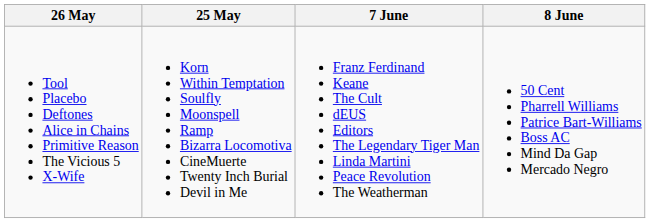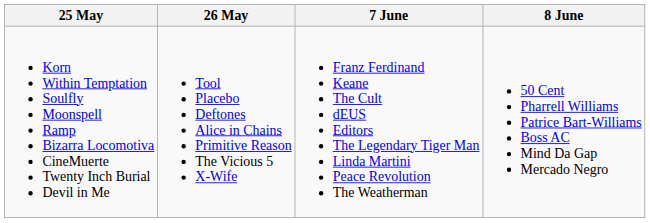 <table class="wikitable">
 <tr>
+<th>25 May</th>
 <th>26 May</th>
-<th>25 May</th>
 <th>7 June</th>
 <th>8 June</th>
 </tr>
 <tr>
+<td><br><ul><li><a href='#'>Korn</a></li><li><a href='#'>Within Temptation</a></li><li><a href='#'>Soulfly</a></li><li><a href='#'>Moonspell</a></li><li><a href='#'>Ramp</a></li><li><a href='#'>Bizarra Locomotiva</a></li><li>CineMuerte</li><li>Twenty Inch Burial</li><li>Devil in Me</li></ul></td>
 <td><br><ul><li><a href='#'>Tool</a></li><li><a href='#'>Placebo</a></li><li><a href='#'>Deftones</a></li><li><a href='#'>Alice in Chains</a></li><li><a href='#'>Primitive Reason</a></li><li>The Vicious 5</li><li><a href='#'>X-Wife</a></li></ul></td>
-<td><br><ul><li><a href='#'>Korn</a></li><li><a href='#'>Within Temptation</a></li><li><a href='#'>Soulfly</a></li><li><a href='#'>Moonspell</a></li><li><a href='#'>Ramp</a></li><li><a href='#'>Bizarra Locomotiva</a></li><li>CineMuerte</li><li>Twenty Inch Burial</li><li>Devil in Me</li></ul></td>
 <td><br><ul><li><a href='#'>Franz Ferdinand</a></li><li><a href='#'>Keane</a></li><li><a href='#'>The Cult</a></li><li><a href='#'>dEUS</a></li><li><a href='#'>Editors</a></li><li><a href='#'>The Legendary Tiger Man</a></li><li><a href='#'>Linda Martini</a></li><li><a href='#'>Peace Revolution</a></li><li>The Weatherman</li></ul></td>
 <td><br><ul><li><a href='#'>50 Cent</a></li><li><a href='#'>Pharrell Williams</a></li><li><a href='#'>Patrice Bart-Williams</a></li><li><a href='#'>Boss AC</a></li><li>Mind Da Gap</li><li>Mercado Negro</li></ul></td>
 </tr>
 </table>
